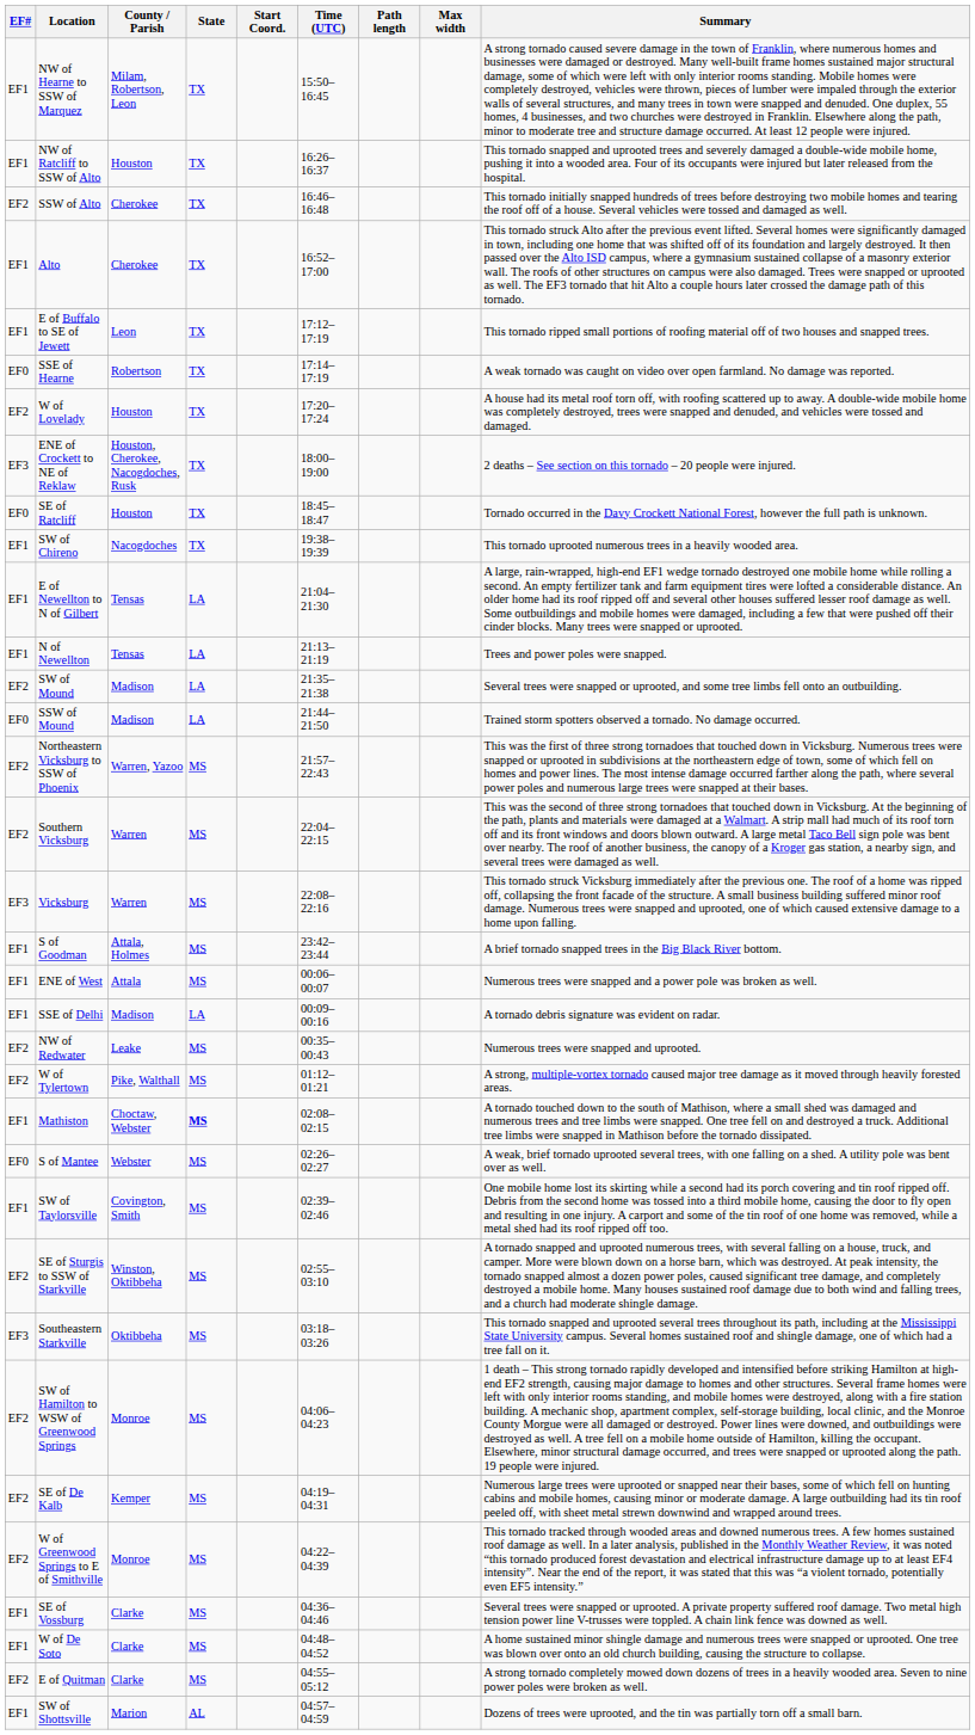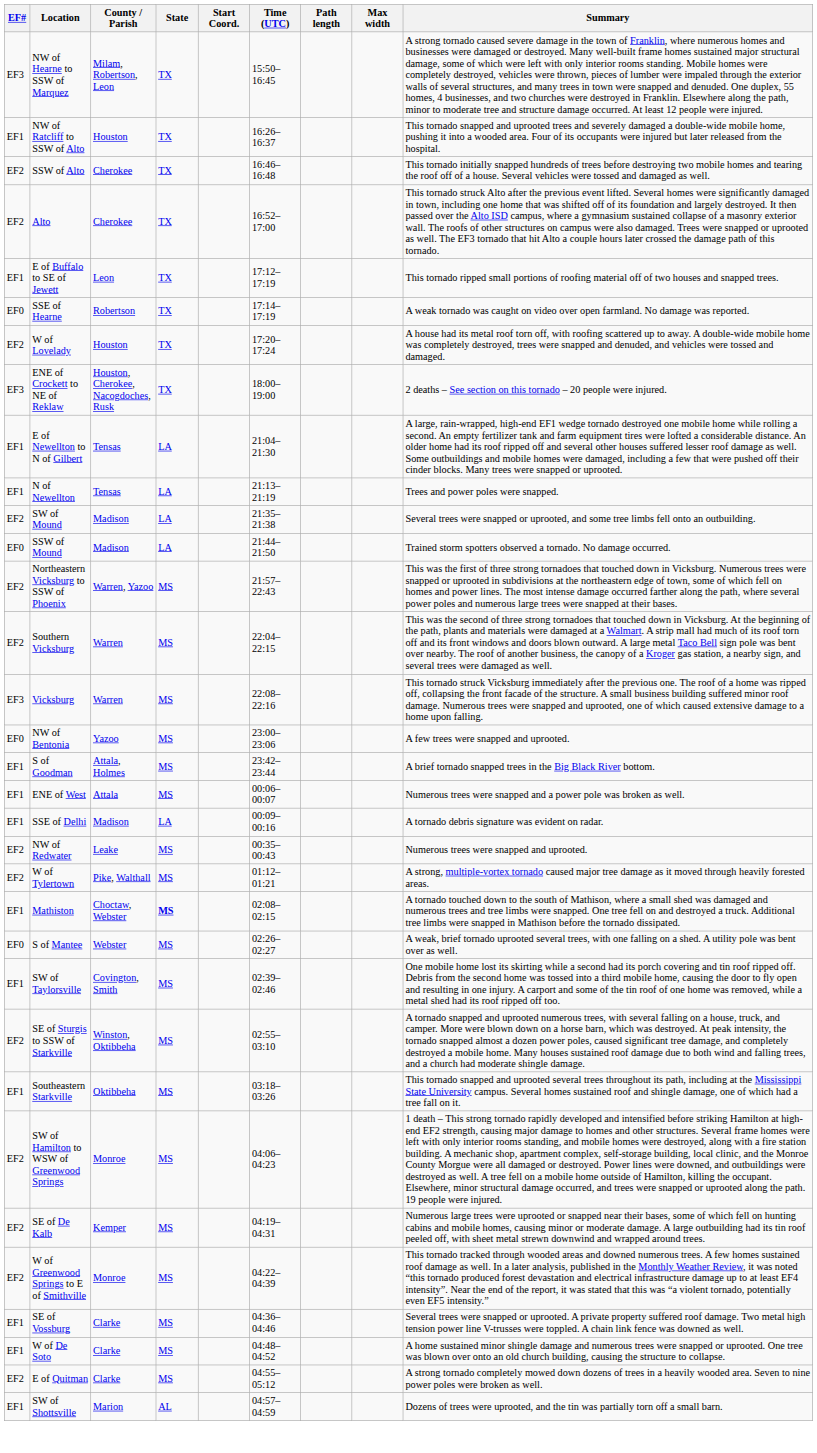 <table class="wikitable sortable" style="width:100%;">
 <tr>
 <th scope="col"  style="width:3%; text-align:center;"><a href='#'>EF#</a></th>
 <th scope="col"  style="width:7%; text-align:center;" class="unsortable">Location</th>
 <th scope="col"  style="width:6%; text-align:center;" class="unsortable">County / Parish</th>
 <th scope="col"  style="width:5%; text-align:center;">State</th>
 <th scope="col"  style="width:6%; text-align:center;">Start Coord.</th>
 <th scope="col"  style="width:6%; text-align:center;">Time (<a href='#'>UTC</a>)</th>
 <th scope="col"  style="width:6%; text-align:center;">Path length</th>
 <th scope="col"  style="width:6%; text-align:center;">Max width</th>
 <th scope="col" class="unsortable" style="width:48%; text-align:center;">Summary</th>
 </tr>
 <tr>
-<td>EF1</td>
+<td>EF3</td>
 <td>NW of <a href='#'>Hearne</a> to SSW of <a href='#'>Marquez</a></td>
 <td><a href='#'>Milam</a>, <a href='#'>Robertson</a>, <a href='#'>Leon</a></td>
 <td><a href='#'>TX</a></td>
 <td></td>
 <td>15:50–16:45</td>
 <td></td>
 <td></td>
 <td>A strong tornado caused severe damage in the town of <a href='#'>Franklin</a>, where numerous homes and businesses were damaged or destroyed. Many well-built frame homes sustained major structural damage, some of which were left with only interior rooms standing. Mobile homes were completely destroyed, vehicles were thrown, pieces of lumber were impaled through the exterior walls of several structures, and many trees in town were snapped and denuded. One duplex, 55 homes, 4 businesses, and two churches were destroyed in Franklin. Elsewhere along the path, minor to moderate tree and structure damage occurred. At least 12 people were injured.</td>
 </tr>
 <tr>
 <td>EF1</td>
 <td>NW of <a href='#'>Ratcliff</a> to SSW of <a href='#'>Alto</a></td>
 <td><a href='#'>Houston</a></td>
 <td><a href='#'>TX</a></td>
 <td></td>
 <td>16:26–16:37</td>
 <td></td>
 <td></td>
 <td>This tornado snapped and uprooted trees and severely damaged a double-wide mobile home, pushing it into a wooded area. Four of its occupants were injured but later released from the hospital.</td>
 </tr>
 <tr>
 <td>EF2</td>
 <td>SSW of <a href='#'>Alto</a></td>
 <td><a href='#'>Cherokee</a></td>
 <td><a href='#'>TX</a></td>
 <td></td>
 <td>16:46–16:48</td>
 <td></td>
 <td></td>
 <td>This tornado initially snapped hundreds of trees before destroying two mobile homes and tearing the roof off of a house. Several vehicles were tossed and damaged as well.</td>
 </tr>
 <tr>
-<td>EF1</td>
+<td>EF2</td>
 <td><a href='#'>Alto</a></td>
 <td><a href='#'>Cherokee</a></td>
 <td><a href='#'>TX</a></td>
 <td></td>
 <td>16:52–17:00</td>
 <td></td>
 <td></td>
 <td>This tornado struck Alto after the previous event lifted. Several homes were significantly damaged in town, including one home that was shifted off of its foundation and largely destroyed. It then passed over the <a href='#'>Alto ISD</a> campus, where a gymnasium sustained collapse of a masonry exterior wall. The roofs of other structures on campus were also damaged. Trees were snapped or uprooted as well. The EF3 tornado that hit Alto a couple hours later crossed the damage path of this tornado.</td>
 </tr>
 <tr>
 <td>EF1</td>
 <td>E of <a href='#'>Buffalo</a> to SE of <a href='#'>Jewett</a></td>
 <td><a href='#'>Leon</a></td>
 <td><a href='#'>TX</a></td>
 <td></td>
 <td>17:12–17:19</td>
 <td></td>
 <td></td>
 <td>This tornado ripped small portions of roofing material off of two houses and snapped trees.</td>
 </tr>
 <tr>
 <td>EF0</td>
 <td>SSE of <a href='#'>Hearne</a></td>
 <td><a href='#'>Robertson</a></td>
 <td><a href='#'>TX</a></td>
 <td></td>
 <td>17:14–17:19</td>
 <td></td>
 <td></td>
 <td>A weak tornado was caught on video over open farmland. No damage was reported.</td>
 </tr>
 <tr>
 <td>EF2</td>
 <td>W of <a href='#'>Lovelady</a></td>
 <td><a href='#'>Houston</a></td>
 <td><a href='#'>TX</a></td>
 <td></td>
 <td>17:20–17:24</td>
 <td></td>
 <td></td>
 <td>A house had its metal roof torn off, with roofing scattered up to  away. A double-wide mobile home was completely destroyed, trees were snapped and denuded, and vehicles were tossed and damaged.</td>
 </tr>
 <tr>
 <td>EF3</td>
 <td>ENE of <a href='#'>Crockett</a> to NE of <a href='#'>Reklaw</a></td>
 <td><a href='#'>Houston</a>, <a href='#'>Cherokee</a>, <a href='#'>Nacogdoches</a>, <a href='#'>Rusk</a></td>
 <td><a href='#'>TX</a></td>
 <td></td>
 <td>18:00–19:00</td>
 <td></td>
 <td></td>
 <td>2 deaths – <a href='#'>See section on this tornado</a> – 20 people were injured.</td>
-</tr>
-<tr>
-<td>EF0</td>
-<td>SE of <a href='#'>Ratcliff</a></td>
-<td><a href='#'>Houston</a></td>
-<td><a href='#'>TX</a></td>
-<td></td>
-<td>18:45–18:47</td>
-<td></td>
-<td></td>
-<td>Tornado occurred in the <a href='#'>Davy Crockett National Forest</a>, however the full path is unknown.</td>
-</tr>
-<tr>
-<td>EF1</td>
-<td>SW of <a href='#'>Chireno</a></td>
-<td><a href='#'>Nacogdoches</a></td>
-<td><a href='#'>TX</a></td>
-<td></td>
-<td>19:38–19:39</td>
-<td></td>
-<td></td>
-<td>This tornado uprooted numerous trees in a heavily wooded area.</td>
 </tr>
 <tr>
 <td>EF1</td>
 <td>E of <a href='#'>Newellton</a> to N of <a href='#'>Gilbert</a></td>
 <td><a href='#'>Tensas</a></td>
 <td><a href='#'>LA</a></td>
 <td></td>
 <td>21:04–21:30</td>
 <td></td>
 <td></td>
 <td>A large, rain-wrapped, high-end EF1 wedge tornado destroyed one mobile home while rolling a second. An empty fertilizer tank and farm equipment tires were lofted a considerable distance. An older home had its roof ripped off and several other houses suffered lesser roof damage as well. Some outbuildings and mobile homes were damaged, including a few that were pushed off their cinder blocks. Many trees were snapped or uprooted.</td>
 </tr>
 <tr>
 <td>EF1</td>
 <td>N of <a href='#'>Newellton</a></td>
 <td><a href='#'>Tensas</a></td>
 <td><a href='#'>LA</a></td>
 <td></td>
 <td>21:13–21:19</td>
 <td></td>
 <td></td>
 <td>Trees and power poles were snapped.</td>
 </tr>
 <tr>
 <td>EF2</td>
 <td>SW of <a href='#'>Mound</a></td>
 <td><a href='#'>Madison</a></td>
 <td><a href='#'>LA</a></td>
 <td></td>
 <td>21:35–21:38</td>
 <td></td>
 <td></td>
 <td>Several trees were snapped or uprooted, and some tree limbs fell onto an outbuilding.</td>
 </tr>
 <tr>
 <td>EF0</td>
 <td>SSW of <a href='#'>Mound</a></td>
 <td><a href='#'>Madison</a></td>
 <td><a href='#'>LA</a></td>
 <td></td>
 <td>21:44–21:50</td>
 <td></td>
 <td></td>
 <td>Trained storm spotters observed a tornado. No damage occurred.</td>
 </tr>
 <tr>
 <td>EF2</td>
 <td>Northeastern <a href='#'>Vicksburg</a> to SSW of <a href='#'>Phoenix</a></td>
 <td><a href='#'>Warren</a>, <a href='#'>Yazoo</a></td>
 <td><a href='#'>MS</a></td>
 <td></td>
 <td>21:57–22:43</td>
 <td></td>
 <td></td>
 <td>This was the first of three strong tornadoes that touched down in Vicksburg. Numerous trees were snapped or uprooted in subdivisions at the northeastern edge of town, some of which fell on homes and power lines. The most intense damage occurred farther along the path, where several power poles and numerous large trees were snapped at their bases.</td>
 </tr>
 <tr>
 <td>EF2</td>
 <td>Southern <a href='#'>Vicksburg</a></td>
 <td><a href='#'>Warren</a></td>
 <td><a href='#'>MS</a></td>
 <td></td>
 <td>22:04–22:15</td>
 <td></td>
 <td></td>
 <td>This was the second of three strong tornadoes that touched down in Vicksburg. At the beginning of the path, plants and materials were damaged at a <a href='#'>Walmart</a>. A strip mall had much of its roof torn off and its front windows and doors blown outward. A large metal <a href='#'>Taco Bell</a> sign pole was bent over nearby. The roof of another business, the canopy of a <a href='#'>Kroger</a> gas station, a nearby sign, and several trees were damaged as well.</td>
 </tr>
 <tr>
 <td>EF3</td>
 <td><a href='#'>Vicksburg</a></td>
 <td><a href='#'>Warren</a></td>
 <td><a href='#'>MS</a></td>
 <td></td>
 <td>22:08–22:16</td>
 <td></td>
 <td></td>
 <td>This tornado struck Vicksburg immediately after the previous one. The roof of a home was ripped off, collapsing the front facade of the structure. A small business building suffered minor roof damage. Numerous trees were snapped and uprooted, one of which caused extensive damage to a home upon falling.</td>
+</tr>
+<tr>
+<td>EF0</td>
+<td>NW of <a href='#'>Bentonia</a></td>
+<td><a href='#'>Yazoo</a></td>
+<td><a href='#'>MS</a></td>
+<td></td>
+<td>23:00–23:06</td>
+<td></td>
+<td></td>
+<td>A few trees were snapped and uprooted.</td>
 </tr>
 <tr>
 <td>EF1</td>
 <td>S of <a href='#'>Goodman</a></td>
 <td><a href='#'>Attala</a>, <a href='#'>Holmes</a></td>
 <td><a href='#'>MS</a></td>
 <td></td>
 <td>23:42–23:44</td>
 <td></td>
 <td></td>
 <td>A brief tornado snapped trees in the <a href='#'>Big Black River</a> bottom.</td>
 </tr>
 <tr>
 <td>EF1</td>
 <td>ENE of <a href='#'>West</a></td>
 <td><a href='#'>Attala</a></td>
 <td><a href='#'>MS</a></td>
 <td></td>
 <td>00:06–00:07</td>
 <td></td>
 <td></td>
 <td>Numerous trees were snapped and a power pole was broken as well.</td>
 </tr>
 <tr>
 <td>EF1</td>
 <td>SSE of <a href='#'>Delhi</a></td>
 <td><a href='#'>Madison</a></td>
 <td><a href='#'>LA</a></td>
 <td></td>
 <td>00:09–00:16</td>
 <td></td>
 <td></td>
 <td>A tornado debris signature was evident on radar.</td>
 </tr>
 <tr>
 <td>EF2</td>
 <td>NW of <a href='#'>Redwater</a></td>
 <td><a href='#'>Leake</a></td>
 <td><a href='#'>MS</a></td>
 <td></td>
 <td>00:35–00:43</td>
 <td></td>
 <td></td>
 <td>Numerous trees were snapped and uprooted.</td>
 </tr>
 <tr>
 <td>EF2</td>
 <td>W of <a href='#'>Tylertown</a></td>
 <td><a href='#'>Pike</a>, <a href='#'>Walthall</a></td>
 <td><a href='#'>MS</a></td>
 <td></td>
 <td>01:12–01:21</td>
 <td></td>
 <td></td>
 <td>A strong, <a href='#'>multiple-vortex tornado</a> caused major tree damage as it moved through heavily forested areas.</td>
 </tr>
 <tr>
 <td>EF1</td>
 <td><a href='#'>Mathiston</a></td>
 <td><a href='#'>Choctaw</a>, <a href='#'>Webster</a></td>
 <td><strong><a href='#'>MS</a></strong></td>
 <td></td>
 <td>02:08–02:15</td>
 <td></td>
 <td></td>
 <td>A tornado touched down to the south of Mathison, where a small shed was damaged and numerous trees and tree limbs were snapped. One tree fell on and destroyed a truck. Additional tree limbs were snapped in Mathison before the tornado dissipated.</td>
 </tr>
 <tr>
 <td>EF0</td>
 <td>S of <a href='#'>Mantee</a></td>
 <td><a href='#'>Webster</a></td>
 <td><a href='#'>MS</a></td>
 <td></td>
 <td>02:26–02:27</td>
 <td></td>
 <td></td>
 <td>A weak, brief tornado uprooted several trees, with one falling on a shed. A utility pole was bent over as well.</td>
 </tr>
 <tr>
 <td>EF1</td>
 <td>SW of <a href='#'>Taylorsville</a></td>
 <td><a href='#'>Covington</a>, <a href='#'>Smith</a></td>
 <td><a href='#'>MS</a></td>
 <td></td>
 <td>02:39–02:46</td>
 <td></td>
 <td></td>
 <td>One mobile home lost its skirting while a second had its porch covering and tin roof ripped off. Debris from the second home was tossed into a third mobile home, causing the door to fly open and resulting in one injury. A carport and some of the tin roof of one home was removed, while a metal shed had its roof ripped off too.</td>
 </tr>
 <tr>
 <td>EF2</td>
 <td>SE of <a href='#'>Sturgis</a> to SSW of <a href='#'>Starkville</a></td>
 <td><a href='#'>Winston</a>, <a href='#'>Oktibbeha</a></td>
 <td><a href='#'>MS</a></td>
 <td></td>
 <td>02:55–03:10</td>
 <td></td>
 <td></td>
 <td>A tornado snapped and uprooted numerous trees, with several falling on a house, truck, and camper. More were blown down on a horse barn, which was destroyed. At peak intensity, the tornado snapped almost a dozen power poles, caused significant tree damage, and completely destroyed a mobile home. Many houses sustained roof damage due to both wind and falling trees, and a church had moderate shingle damage.</td>
 </tr>
 <tr>
-<td>EF3</td>
+<td>EF1</td>
 <td>Southeastern <a href='#'>Starkville</a></td>
 <td><a href='#'>Oktibbeha</a></td>
 <td><a href='#'>MS</a></td>
 <td></td>
 <td>03:18–03:26</td>
 <td></td>
 <td></td>
 <td>This tornado snapped and uprooted several trees throughout its path, including at the <a href='#'>Mississippi State University</a> campus. Several homes sustained roof and shingle damage, one of which had a tree fall on it.</td>
 </tr>
 <tr>
 <td>EF2</td>
 <td>SW of <a href='#'>Hamilton</a> to WSW of <a href='#'>Greenwood Springs</a></td>
 <td><a href='#'>Monroe</a></td>
 <td><a href='#'>MS</a></td>
 <td></td>
 <td>04:06–04:23</td>
 <td></td>
 <td></td>
 <td>1 death – This strong tornado rapidly developed and intensified before striking Hamilton at high-end EF2 strength, causing major damage to homes and other structures. Several frame homes were left with only interior rooms standing, and mobile homes were destroyed, along with a fire station building. A mechanic shop, apartment complex, self-storage building, local clinic, and the Monroe County Morgue were all damaged or destroyed. Power lines were downed, and outbuildings were destroyed as well. A tree fell on a mobile home outside of Hamilton, killing the occupant. Elsewhere, minor structural damage occurred, and trees were snapped or uprooted along the path. 19 people were injured.</td>
 </tr>
 <tr>
 <td>EF2</td>
 <td>SE of <a href='#'>De Kalb</a></td>
 <td><a href='#'>Kemper</a></td>
 <td><a href='#'>MS</a></td>
 <td></td>
 <td>04:19–04:31</td>
 <td></td>
 <td></td>
 <td>Numerous large trees were uprooted or snapped near their bases, some of which fell on hunting cabins and mobile homes, causing minor or moderate damage. A large outbuilding had its tin roof peeled off, with sheet metal strewn downwind and wrapped around trees.</td>
 </tr>
 <tr>
 <td>EF2</td>
 <td>W of <a href='#'>Greenwood Springs</a> to E of <a href='#'>Smithville</a></td>
 <td><a href='#'>Monroe</a></td>
 <td><a href='#'>MS</a></td>
 <td></td>
 <td>04:22–04:39</td>
 <td></td>
 <td></td>
 <td>This tornado tracked through wooded areas and downed numerous trees. A few homes sustained roof damage as well. In a later analysis, published in the <a href='#'>Monthly Weather Review</a>, it was noted “this tornado produced forest devastation and electrical infrastructure damage up to at least EF4 intensity”. Near the end of the report, it was stated that this was “a violent tornado, potentially even EF5 intensity.”</td>
 </tr>
 <tr>
 <td>EF1</td>
 <td>SE of <a href='#'>Vossburg</a></td>
 <td><a href='#'>Clarke</a></td>
 <td><a href='#'>MS</a></td>
 <td></td>
 <td>04:36–04:46</td>
 <td></td>
 <td></td>
 <td>Several trees were snapped or uprooted. A private property suffered roof damage. Two metal high tension power line V-trusses were toppled. A chain link fence was downed as well.</td>
 </tr>
 <tr>
 <td>EF1</td>
 <td>W of <a href='#'>De Soto</a></td>
 <td><a href='#'>Clarke</a></td>
 <td><a href='#'>MS</a></td>
 <td></td>
 <td>04:48–04:52</td>
 <td></td>
 <td></td>
 <td>A home sustained minor shingle damage and numerous trees were snapped or uprooted. One tree was blown over onto an old church building, causing the structure to collapse.</td>
 </tr>
 <tr>
 <td>EF2</td>
 <td>E of <a href='#'>Quitman</a></td>
 <td><a href='#'>Clarke</a></td>
 <td><a href='#'>MS</a></td>
 <td></td>
 <td>04:55–05:12</td>
 <td></td>
 <td></td>
 <td>A strong tornado completely mowed down dozens of trees in a heavily wooded area. Seven to nine power poles were broken as well.</td>
 </tr>
 <tr>
 <td>EF1</td>
 <td>SW of <a href='#'>Shottsville</a></td>
 <td><a href='#'>Marion</a></td>
 <td><a href='#'>AL</a></td>
 <td></td>
 <td>04:57–04:59</td>
 <td></td>
 <td></td>
 <td>Dozens of trees were uprooted, and the tin was partially torn off a small barn.</td>
 </tr>
 </table>
